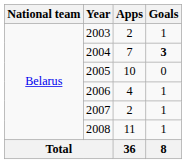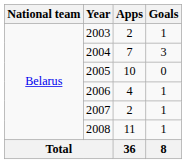 <table class="wikitable" style="text-align:center">
 <tr>
 <th>National team</th>
 <th>Year</th>
 <th>Apps</th>
 <th>Goals</th>
 </tr>
 <tr>
 <td rowspan="6"><a href='#'>Belarus</a></td>
 <td>2003</td>
 <td>2</td>
 <td>1</td>
 </tr>
 <tr>
 <td>2004</td>
 <td>7</td>
-<td><strong>3</strong></td>
+<td>3</td>
 </tr>
 <tr>
 <td>2005</td>
 <td>10</td>
 <td>0</td>
 </tr>
 <tr>
 <td>2006</td>
 <td>4</td>
 <td>1</td>
 </tr>
 <tr>
 <td>2007</td>
 <td>2</td>
 <td>1</td>
 </tr>
 <tr>
 <td>2008</td>
 <td>11</td>
 <td>1</td>
 </tr>
 <tr>
 <th colspan="2">Total</th>
 <th>36</th>
 <th>8</th>
 </tr>
 </table>
